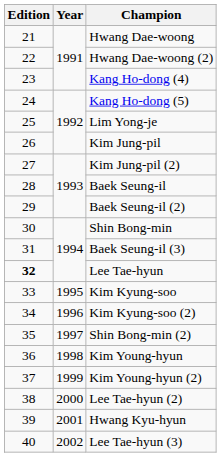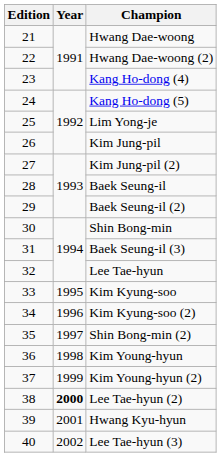 <table class="wikitable" style="text-align:center">
 <tr>
 <th>Edition</th>
 <th>Year</th>
 <th>Champion</th>
 </tr>
 <tr>
 <td>21</td>
 <td rowspan="3">1991</td>
 <td align="left">Hwang Dae-woong</td>
 </tr>
 <tr>
 <td>22</td>
 <td align="left">Hwang Dae-woong (2)</td>
 </tr>
 <tr>
 <td>23</td>
 <td align="left"><a href='#'>Kang Ho-dong</a> (4)</td>
 </tr>
 <tr>
 <td>24</td>
 <td rowspan="3">1992</td>
 <td align="left"><a href='#'>Kang Ho-dong</a> (5)</td>
 </tr>
 <tr>
 <td>25</td>
 <td align="left">Lim Yong-je</td>
 </tr>
 <tr>
 <td>26</td>
 <td align="left">Kim Jung-pil</td>
 </tr>
 <tr>
 <td>27</td>
 <td rowspan="3">1993</td>
 <td align="left">Kim Jung-pil (2)</td>
 </tr>
 <tr>
 <td>28</td>
 <td align="left">Baek Seung-il</td>
 </tr>
 <tr>
 <td>29</td>
 <td align="left">Baek Seung-il (2)</td>
 </tr>
 <tr>
 <td>30</td>
 <td rowspan="3">1994</td>
 <td align="left">Shin Bong-min</td>
 </tr>
 <tr>
 <td>31</td>
 <td align="left">Baek Seung-il (3)</td>
 </tr>
 <tr>
-<td><strong>32</strong></td>
+<td>32</td>
 <td align="left">Lee Tae-hyun</td>
 </tr>
 <tr>
 <td>33</td>
 <td>1995</td>
 <td align="left">Kim Kyung-soo</td>
 </tr>
 <tr>
 <td>34</td>
 <td>1996</td>
 <td align="left">Kim Kyung-soo (2)</td>
 </tr>
 <tr>
 <td>35</td>
 <td>1997</td>
 <td align="left">Shin Bong-min (2)</td>
 </tr>
 <tr>
 <td>36</td>
 <td>1998</td>
 <td align="left">Kim Young-hyun</td>
 </tr>
 <tr>
 <td>37</td>
 <td>1999</td>
 <td align="left">Kim Young-hyun (2)</td>
 </tr>
 <tr>
 <td>38</td>
-<td>2000</td>
+<td><strong>2000</strong></td>
 <td align="left">Lee Tae-hyun (2)</td>
 </tr>
 <tr>
 <td>39</td>
 <td>2001</td>
 <td align="left">Hwang Kyu-hyun</td>
 </tr>
 <tr>
 <td>40</td>
 <td>2002</td>
 <td align="left">Lee Tae-hyun (3)</td>
 </tr>
 </table>
